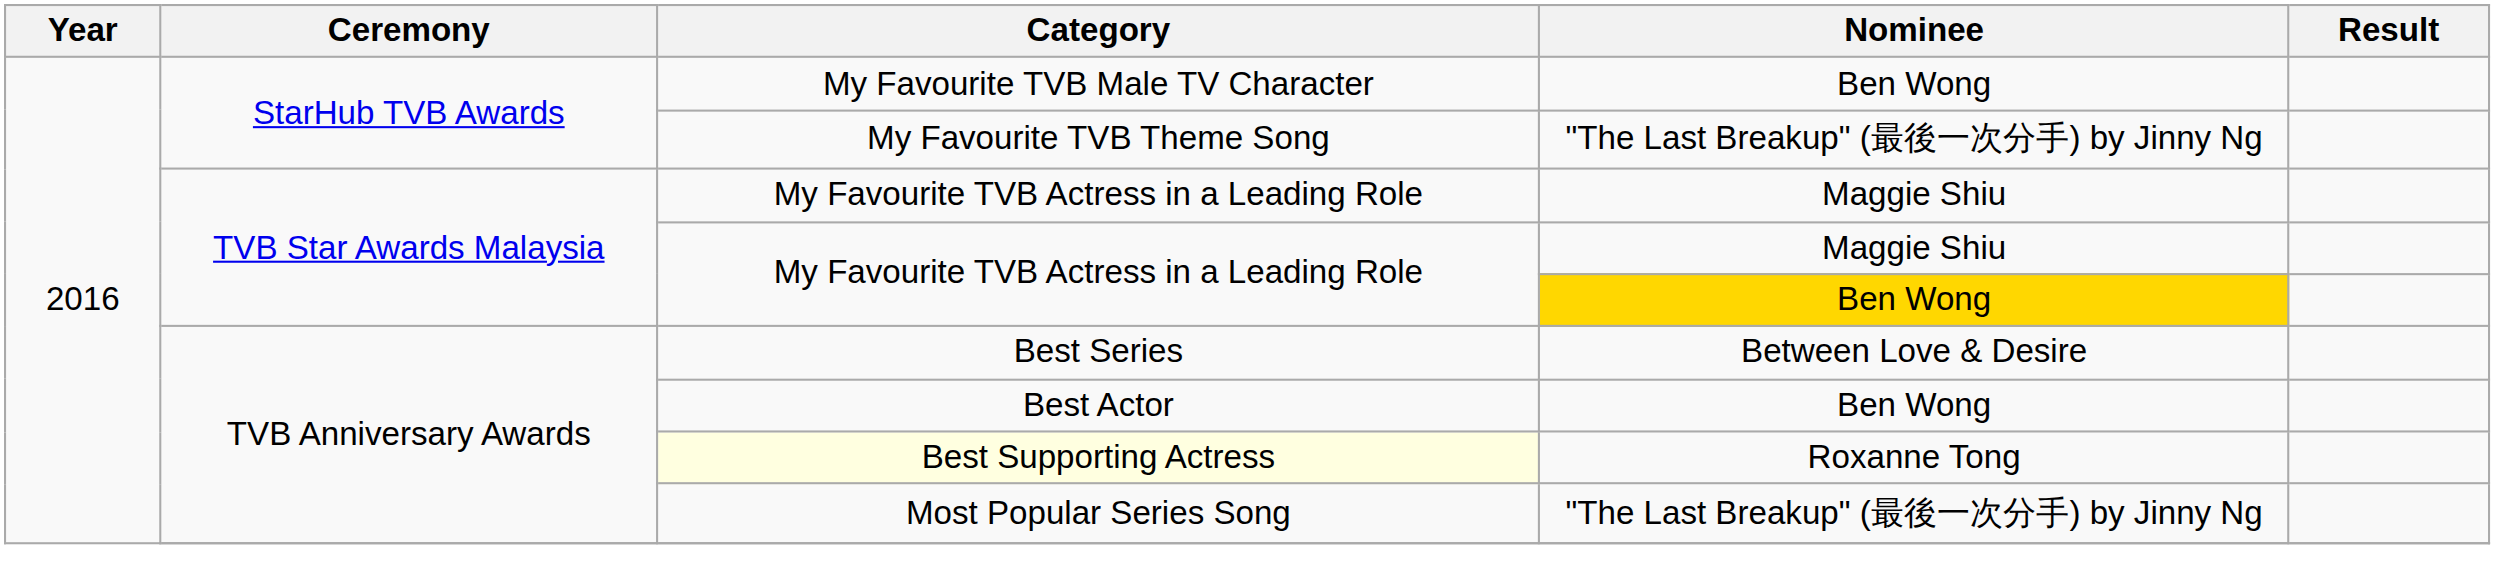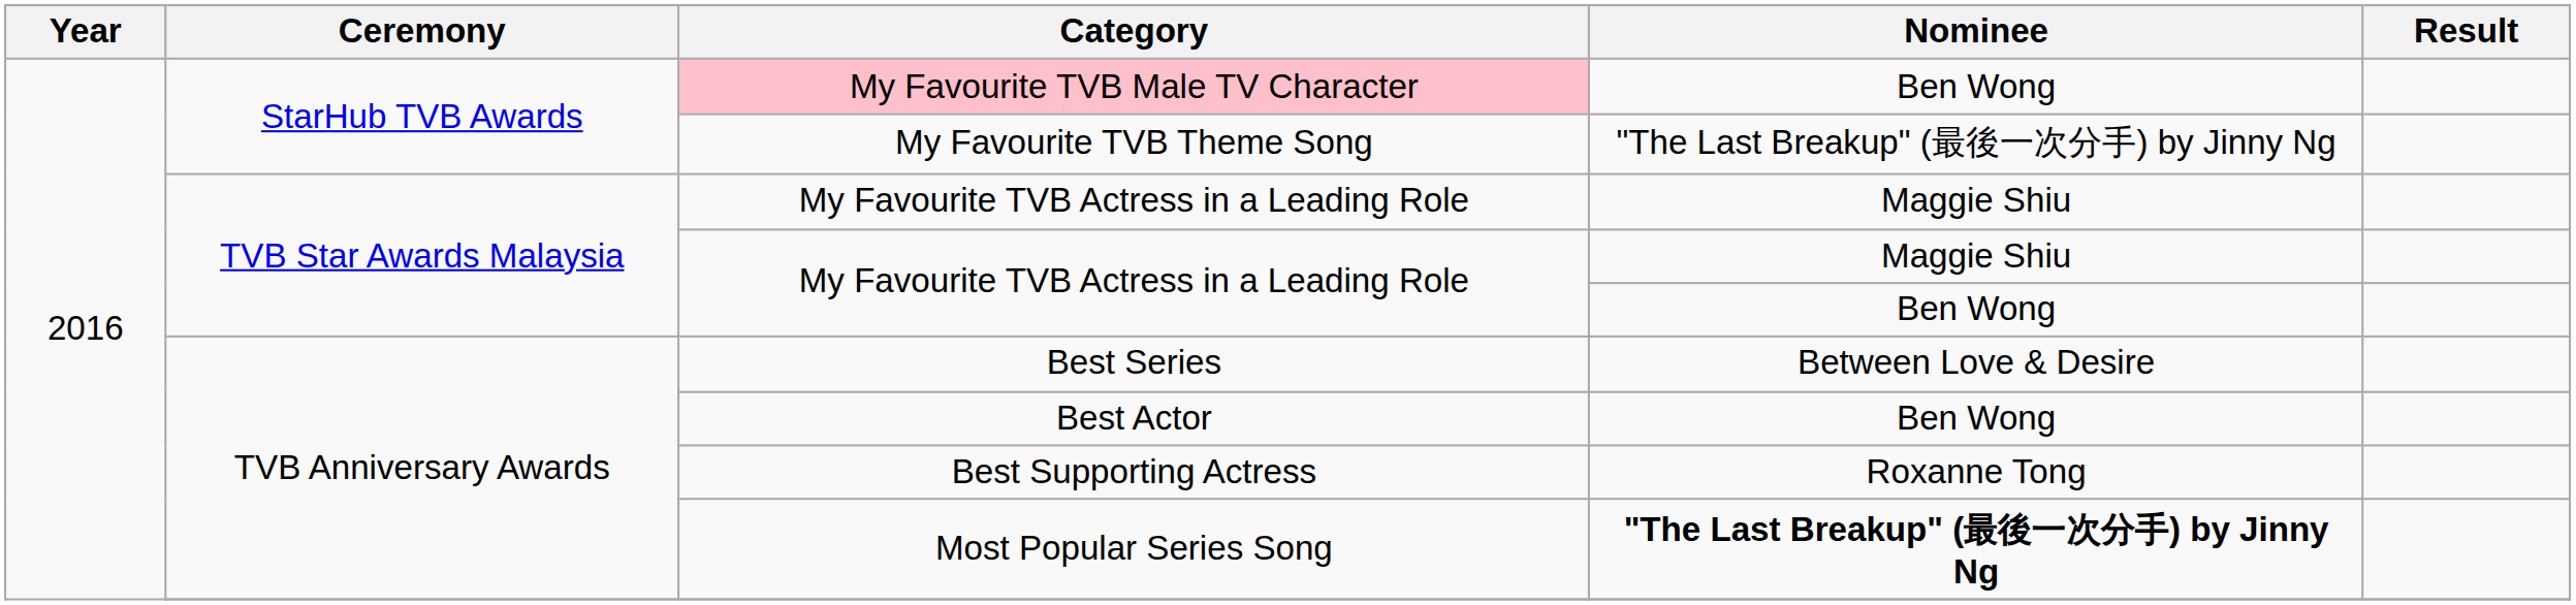 <table class="wikitable" style="width:95%;">
 <tr>
 <th style="width:45px;">Year</th>
 <th style="width:160px;">Ceremony</th>
 <th style="width:290px;">Category</th>
 <th style="width:245px;">Nominee</th>
 <th style="width:60px;">Result</th>
 </tr>
 <tr>
 <td align="center" rowspan=31>2016</td>
 <td align="center" rowspan=2><a href='#'>StarHub TVB Awards</a></td>
-<td align="center">My Favourite TVB Male TV Character</td>
+<td align="center" style="background: pink;">My Favourite TVB Male TV Character</td>
 <td align="center">Ben Wong</td>
 <td></td>
 </tr>
 <tr>
 <td align="center">My Favourite TVB Theme Song</td>
 <td align="center">"The Last Breakup" (最後一次分手) by Jinny Ng</td>
 <td></td>
 </tr>
 <tr>
 <td align="center" rowspan=3><a href='#'>TVB Star Awards Malaysia</a></td>
 <td align="center">My Favourite TVB Actress in a Leading Role</td>
 <td align="center">Maggie Shiu</td>
 <td></td>
 </tr>
 <tr>
 <td rowspan=2 align="center">My Favourite TVB Actress in a Leading Role</td>
 <td align="center">Maggie Shiu</td>
 <td></td>
 </tr>
 <tr>
-<td align="center" style="background: gold;">Ben Wong</td>
+<td align="center">Ben Wong</td>
 <td></td>
 </tr>
 <tr>
 <td align="center" rowspan=4>TVB Anniversary Awards</td>
 <td align="center">Best Series</td>
 <td align="center">Between Love & Desire</td>
 <td></td>
 </tr>
 <tr>
 <td align="center">Best Actor</td>
 <td align="center">Ben Wong</td>
 <td></td>
 </tr>
 <tr>
-<td align="center" style="background: lightyellow;">Best Supporting Actress</td>
+<td align="center">Best Supporting Actress</td>
 <td align="center">Roxanne Tong</td>
 <td></td>
 </tr>
 <tr>
 <td align="center">Most Popular Series Song</td>
-<td align="center">"The Last Breakup" (最後一次分手) by Jinny Ng</td>
+<td align="center"><strong>"The Last Breakup" (最後一次分手) by Jinny Ng</strong></td>
 <td></td>
 </tr>
 <tr>
 </tr>
 </table>
